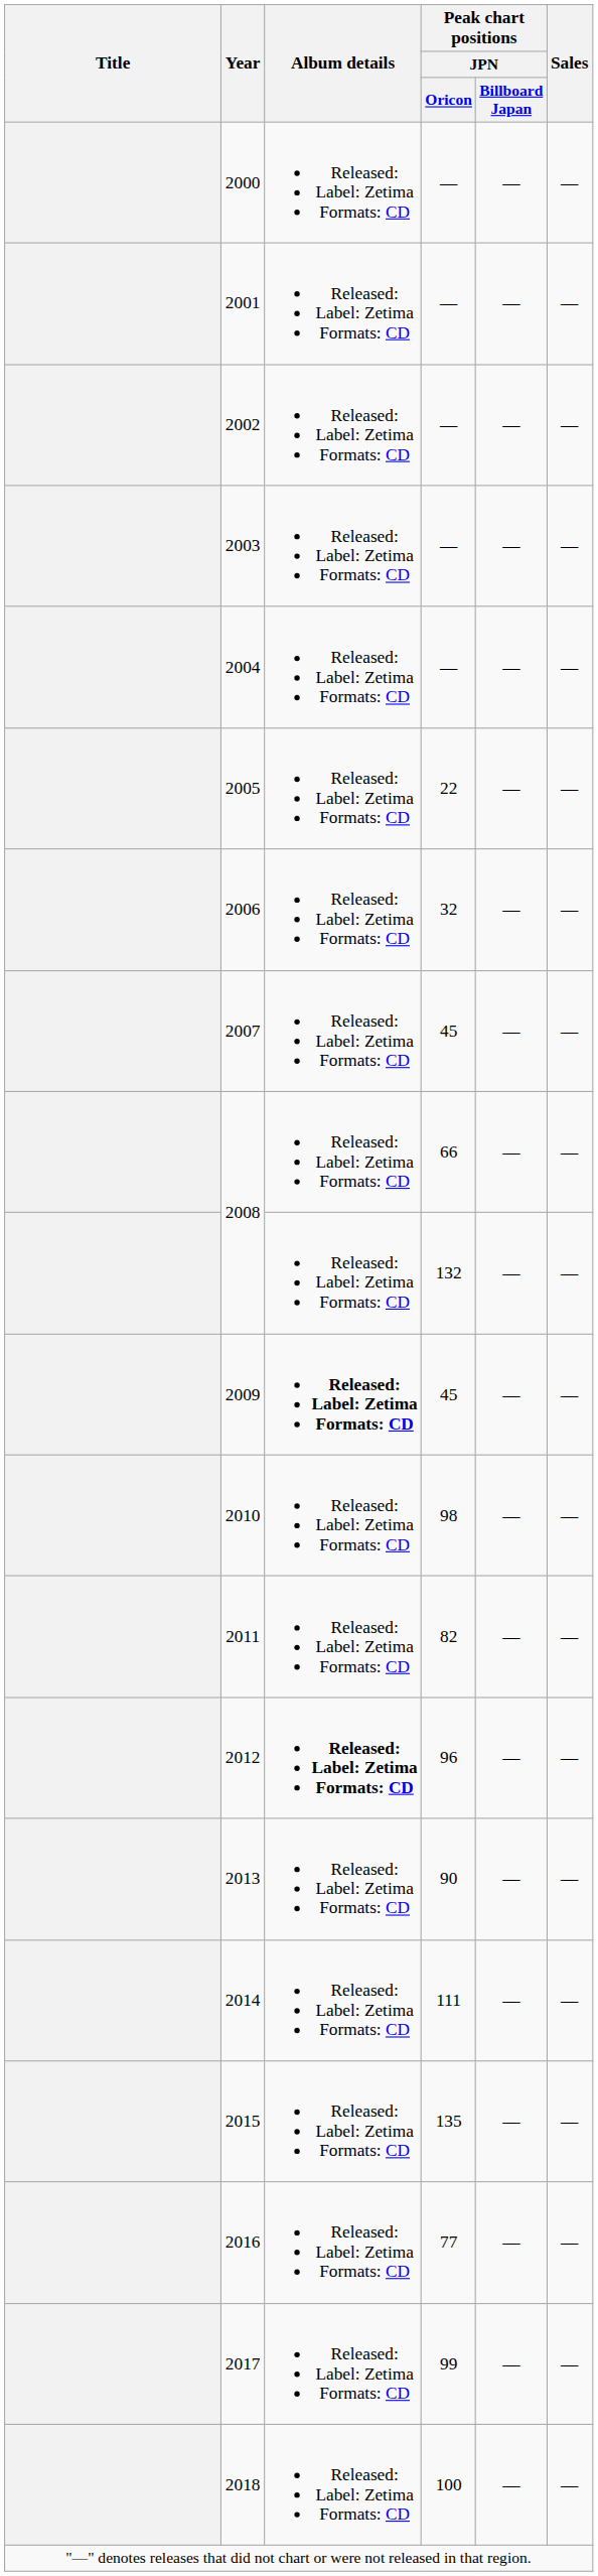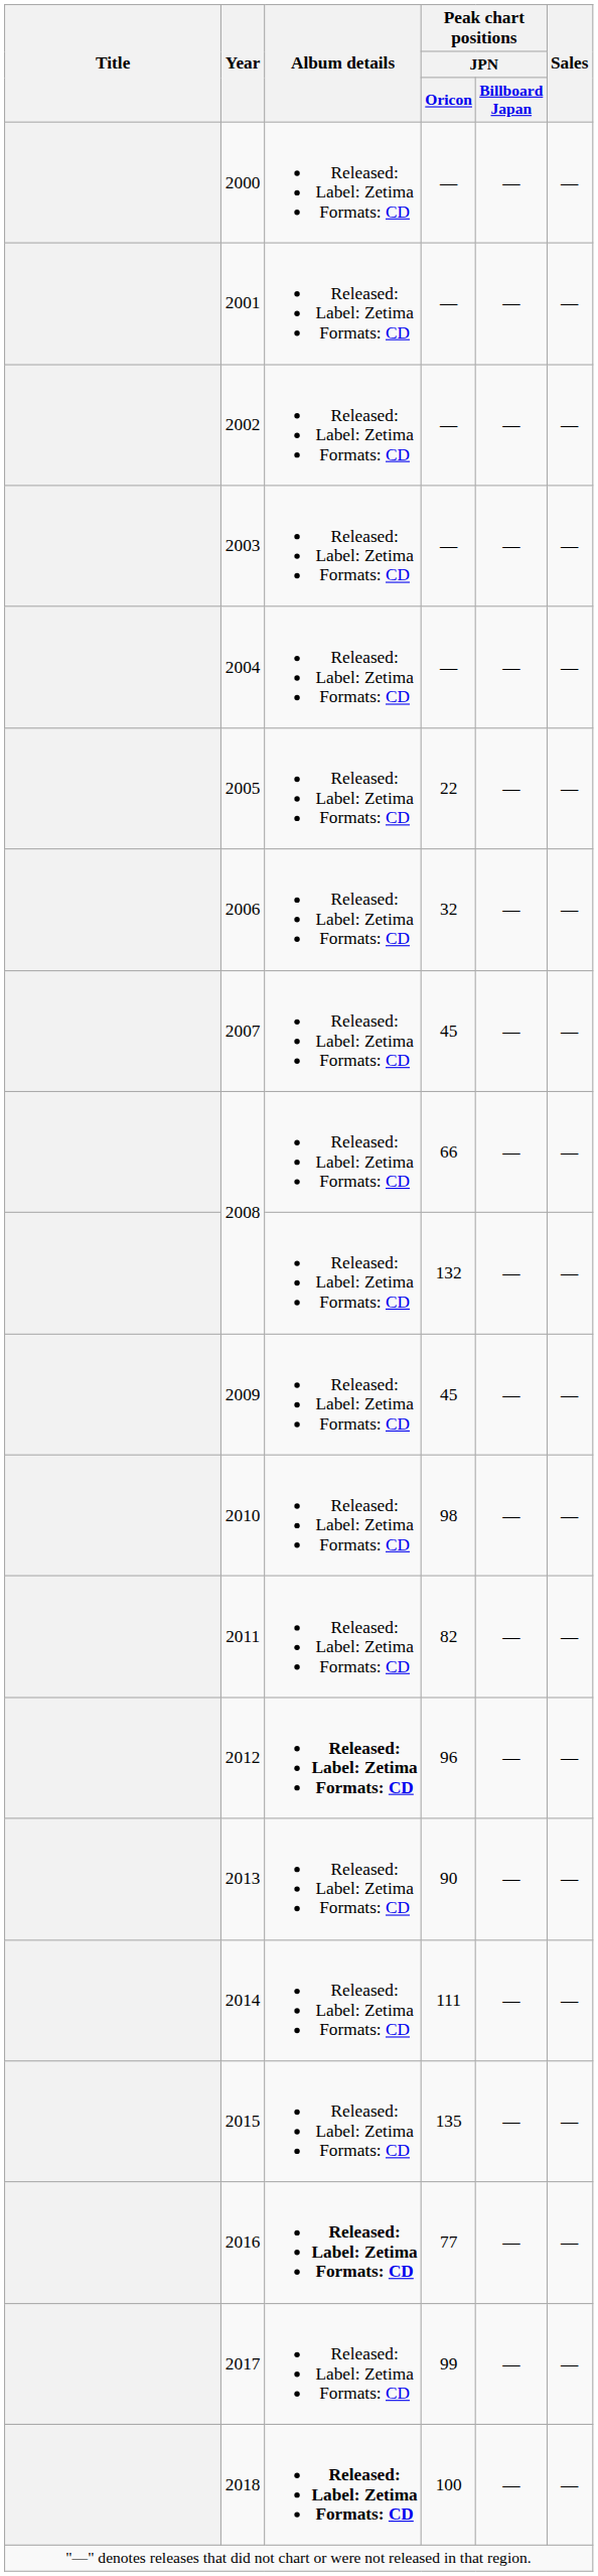 <table class="wikitable plainrowheaders" style="text-align:center;">
 <tr>
 <th scope="col" rowspan="3" style="width:12em;">Title</th>
 <th scope="col" rowspan="3">Year</th>
 <th scope="col" rowspan="3">Album details</th>
 <th scope="col" colspan="2">Peak chart positions</th>
 <th scope="col" rowspan="3">Sales</th>
 </tr>
 <tr>
 <th scope="col" style="width:3em;font-size:90%;" colspan="2">JPN</th>
 </tr>
 <tr>
 <th scope="col" style="width:3em;font-size:90%;"><a href='#'>Oricon</a></th>
 <th scope="col" style="width:3em;font-size:90%;"><a href='#'>Billboard Japan</a></th>
 </tr>
 <tr>
 <th scope="row"></th>
 <td>2000</td>
 <td><br><ul><li>Released: </li><li>Label: Zetima</li><li>Formats: <a href='#'>CD</a></li></ul></td>
 <td>—</td>
 <td>—</td>
 <td>—</td>
 </tr>
 <tr>
 <th scope="row"></th>
 <td>2001</td>
 <td><br><ul><li>Released: </li><li>Label: Zetima</li><li>Formats: <a href='#'>CD</a></li></ul></td>
 <td>—</td>
 <td>—</td>
 <td>—</td>
 </tr>
 <tr>
 <th scope="row"></th>
 <td>2002</td>
 <td><br><ul><li>Released: </li><li>Label: Zetima</li><li>Formats: <a href='#'>CD</a></li></ul></td>
 <td>—</td>
 <td>—</td>
 <td>—</td>
 </tr>
 <tr>
 <th scope="row"></th>
 <td>2003</td>
 <td><br><ul><li>Released: </li><li>Label: Zetima</li><li>Formats: <a href='#'>CD</a></li></ul></td>
 <td>—</td>
 <td>—</td>
 <td>—</td>
 </tr>
 <tr>
 <th scope="row"></th>
 <td>2004</td>
 <td><br><ul><li>Released: </li><li>Label: Zetima</li><li>Formats: <a href='#'>CD</a></li></ul></td>
 <td>—</td>
 <td>—</td>
 <td>—</td>
 </tr>
 <tr>
 <th scope="row"></th>
 <td>2005</td>
 <td><br><ul><li>Released: </li><li>Label: Zetima</li><li>Formats: <a href='#'>CD</a></li></ul></td>
 <td>22</td>
 <td>—</td>
 <td>—</td>
 </tr>
 <tr>
 <th scope="row"></th>
 <td>2006</td>
 <td><br><ul><li>Released: </li><li>Label: Zetima</li><li>Formats: <a href='#'>CD</a></li></ul></td>
 <td>32</td>
 <td>—</td>
 <td>—</td>
 </tr>
 <tr>
 <th scope="row"></th>
 <td>2007</td>
 <td><br><ul><li>Released: </li><li>Label: Zetima</li><li>Formats: <a href='#'>CD</a></li></ul></td>
 <td>45</td>
 <td>—</td>
 <td>—</td>
 </tr>
 <tr>
 <th scope="row"></th>
 <td rowspan="2">2008</td>
 <td><br><ul><li>Released: </li><li>Label: Zetima</li><li>Formats: <a href='#'>CD</a></li></ul></td>
 <td>66</td>
 <td>—</td>
 <td>—</td>
 </tr>
 <tr>
 <th scope="row"></th>
 <td><br><ul><li>Released: </li><li>Label: Zetima</li><li>Formats: <a href='#'>CD</a></li></ul></td>
 <td>132</td>
 <td>—</td>
 <td>—</td>
 </tr>
 <tr>
 <th scope="row"></th>
 <td>2009</td>
-<td><strong><br><ul><li>Released: </li><li>Label: Zetima</li><li>Formats: <a href='#'>CD</a></li></ul></strong></td>
+<td><br><ul><li>Released: </li><li>Label: Zetima</li><li>Formats: <a href='#'>CD</a></li></ul></td>
 <td>45</td>
 <td>—</td>
 <td>—</td>
 </tr>
 <tr>
 <th scope="row"></th>
 <td>2010</td>
 <td><br><ul><li>Released: </li><li>Label: Zetima</li><li>Formats: <a href='#'>CD</a></li></ul></td>
 <td>98</td>
 <td>—</td>
 <td>—</td>
 </tr>
 <tr>
 <th scope="row"></th>
 <td>2011</td>
 <td><br><ul><li>Released: </li><li>Label: Zetima</li><li>Formats: <a href='#'>CD</a></li></ul></td>
 <td>82</td>
 <td>—</td>
 <td>—</td>
 </tr>
 <tr>
 <th scope="row"></th>
 <td>2012</td>
 <td><strong><br><ul><li>Released: </li><li>Label: Zetima</li><li>Formats: <a href='#'>CD</a></li></ul></strong></td>
 <td>96</td>
 <td>—</td>
 <td>—</td>
 </tr>
 <tr>
 <th scope="row"></th>
 <td>2013</td>
 <td><br><ul><li>Released: </li><li>Label: Zetima</li><li>Formats: <a href='#'>CD</a></li></ul></td>
 <td>90</td>
 <td>—</td>
 <td>—</td>
 </tr>
 <tr>
 <th scope="row"></th>
 <td>2014</td>
 <td><br><ul><li>Released: </li><li>Label: Zetima</li><li>Formats: <a href='#'>CD</a></li></ul></td>
 <td>111</td>
 <td>—</td>
 <td>—</td>
 </tr>
 <tr>
 <th scope="row"></th>
 <td>2015</td>
 <td><br><ul><li>Released: </li><li>Label: Zetima</li><li>Formats: <a href='#'>CD</a></li></ul></td>
 <td>135</td>
 <td>—</td>
 <td>—</td>
 </tr>
 <tr>
 <th scope="row"></th>
 <td>2016</td>
-<td><br><ul><li>Released: </li><li>Label: Zetima</li><li>Formats: <a href='#'>CD</a></li></ul></td>
+<td><strong><br><ul><li>Released: </li><li>Label: Zetima</li><li>Formats: <a href='#'>CD</a></li></ul></strong></td>
 <td>77</td>
 <td>—</td>
 <td>—</td>
 </tr>
 <tr>
 <th scope="row"></th>
 <td>2017</td>
 <td><br><ul><li>Released: </li><li>Label: Zetima</li><li>Formats: <a href='#'>CD</a></li></ul></td>
 <td>99</td>
 <td>—</td>
 <td>—</td>
 </tr>
 <tr>
 <th scope="row"></th>
 <td>2018</td>
-<td><br><ul><li>Released: </li><li>Label: Zetima</li><li>Formats: <a href='#'>CD</a></li></ul></td>
+<td><strong><br><ul><li>Released: </li><li>Label: Zetima</li><li>Formats: <a href='#'>CD</a></li></ul></strong></td>
 <td>100</td>
 <td>—</td>
 <td>—</td>
 </tr>
 <tr>
 <td colspan="6" style="font-size:90%;">"—" denotes releases that did not chart or were not released in that region.</td>
 </tr>
 </table>
